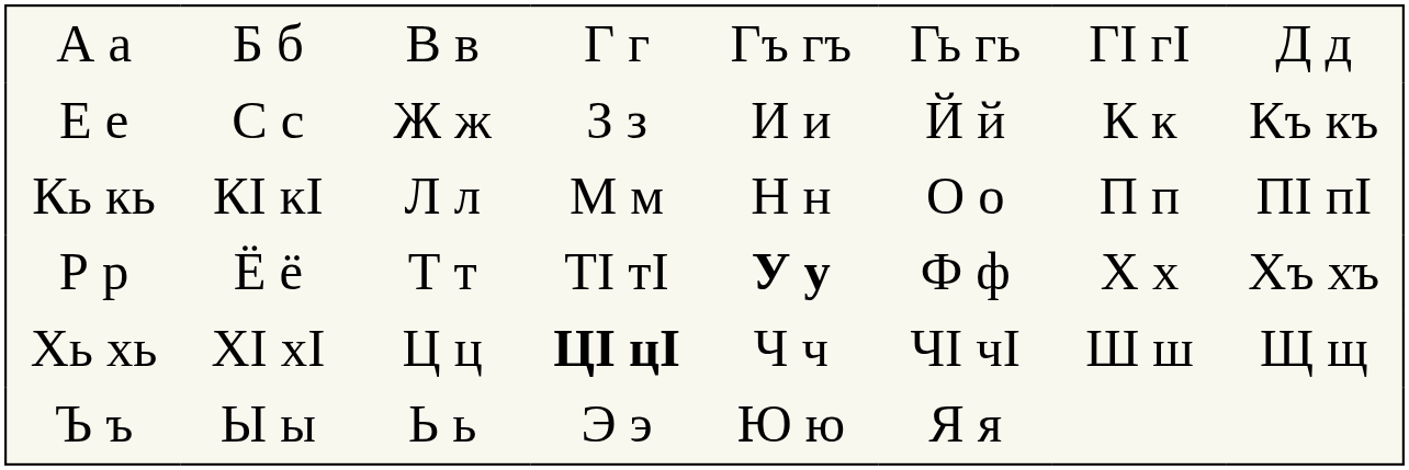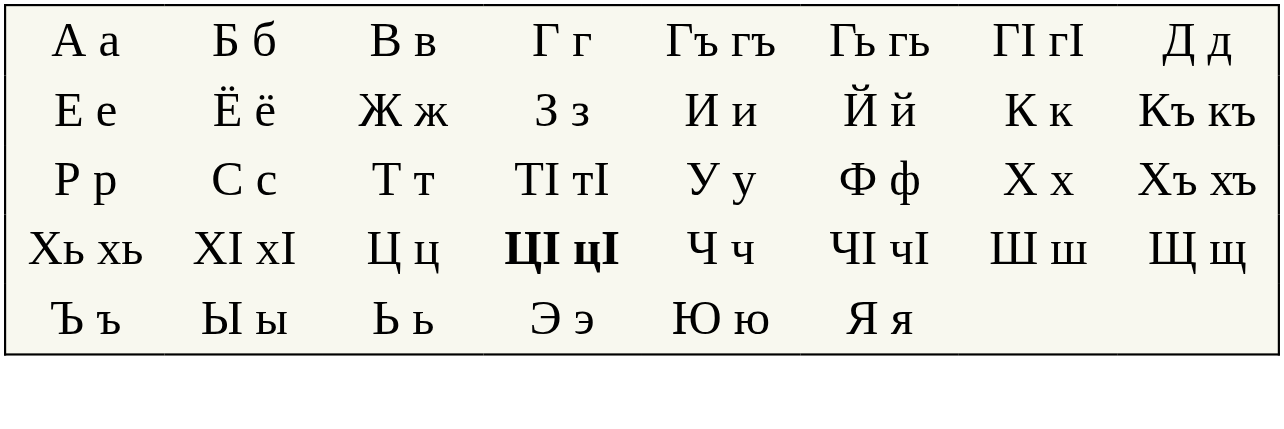 <table style="font-family:Arial Unicode MS; font-size:1.4em; border-color:#000000; border-width:1px; border-style:solid; border-collapse:collapse; background-color:#F8F8EF">
 <tr>
 <td style="width:3em; text-align:center; padding: 3px;">А а</td>
 <td style="width:3em; text-align:center; padding: 3px;">Б б</td>
 <td style="width:3em; text-align:center; padding: 3px;">В в</td>
 <td style="width:3em; text-align:center; padding: 3px;">Г г</td>
 <td style="width:3em; text-align:center; padding: 3px;">Гъ гъ</td>
 <td style="width:3em; text-align:center; padding: 3px;">Гь гь</td>
 <td style="width:3em; text-align:center; padding: 3px;">ГӀ гӀ</td>
 <td style="width:3em; text-align:center; padding: 3px;">Д д</td>
 </tr>
 <tr>
 <td style="width:3em; text-align:center; padding: 3px;">Е е</td>
-<td style="width:3em; text-align:center; padding: 3px;">С с</td>
+<td style="width:3em; text-align:center; padding: 3px;">Ё ё</td>
 <td style="width:3em; text-align:center; padding: 3px;">Ж ж</td>
 <td style="width:3em; text-align:center; padding: 3px;">З з</td>
 <td style="width:3em; text-align:center; padding: 3px;">И и</td>
 <td style="width:3em; text-align:center; padding: 3px;">Й й</td>
 <td style="width:3em; text-align:center; padding: 3px;">К к</td>
 <td style="width:3em; text-align:center; padding: 3px;">Къ къ</td>
 </tr>
 <tr>
-<td style="width:3em; text-align:center; padding: 3px;">Кь кь</td>
-<td style="width:3em; text-align:center; padding: 3px;">КӀ кӀ</td>
-<td style="width:3em; text-align:center; padding: 3px;">Л л</td>
-<td style="width:3em; text-align:center; padding: 3px;">М м</td>
-<td style="width:3em; text-align:center; padding: 3px;">Н н</td>
-<td style="width:3em; text-align:center; padding: 3px;">О о</td>
-<td style="width:3em; text-align:center; padding: 3px;">П п</td>
-<td style="width:3em; text-align:center; padding: 3px;">ПӀ пӀ</td>
-</tr>
-<tr>
 <td style="width:3em; text-align:center; padding: 3px;">Р р</td>
-<td style="width:3em; text-align:center; padding: 3px;">Ё ё</td>
+<td style="width:3em; text-align:center; padding: 3px;">С с</td>
 <td style="width:3em; text-align:center; padding: 3px;">Т т</td>
 <td style="width:3em; text-align:center; padding: 3px;">ТӀ тӀ</td>
-<td style="width:3em; text-align:center; padding: 3px;"><strong>У у</strong></td>
+<td style="width:3em; text-align:center; padding: 3px;">У у</td>
 <td style="width:3em; text-align:center; padding: 3px;">Ф ф</td>
 <td style="width:3em; text-align:center; padding: 3px;">Х х</td>
 <td style="width:3em; text-align:center; padding: 3px;">Хъ хъ</td>
 </tr>
 <tr>
 <td style="width:3em; text-align:center; padding: 3px;">Хь хь</td>
 <td style="width:3em; text-align:center; padding: 3px;">ХӀ хӀ</td>
 <td style="width:3em; text-align:center; padding: 3px;">Ц ц</td>
 <td style="width:3em; text-align:center; padding: 3px;"><strong>ЦӀ цӀ</strong></td>
 <td style="width:3em; text-align:center; padding: 3px;">Ч ч</td>
 <td style="width:3em; text-align:center; padding: 3px;">ЧӀ чӀ</td>
 <td style="width:3em; text-align:center; padding: 3px;">Ш ш</td>
 <td style="width:3em; text-align:center; padding: 3px;">Щ щ</td>
 </tr>
 <tr>
 <td style="width:3em; text-align:center; padding: 3px;">Ъ ъ</td>
 <td style="width:3em; text-align:center; padding: 3px;">Ы ы</td>
 <td style="width:3em; text-align:center; padding: 3px;">Ь ь</td>
 <td style="width:3em; text-align:center; padding: 3px;">Э э</td>
 <td style="width:3em; text-align:center; padding: 3px;">Ю ю</td>
 <td style="width:3em; text-align:center; padding: 3px;">Я я</td>
 <td></td>
 <td></td>
 </tr>
 </table>
